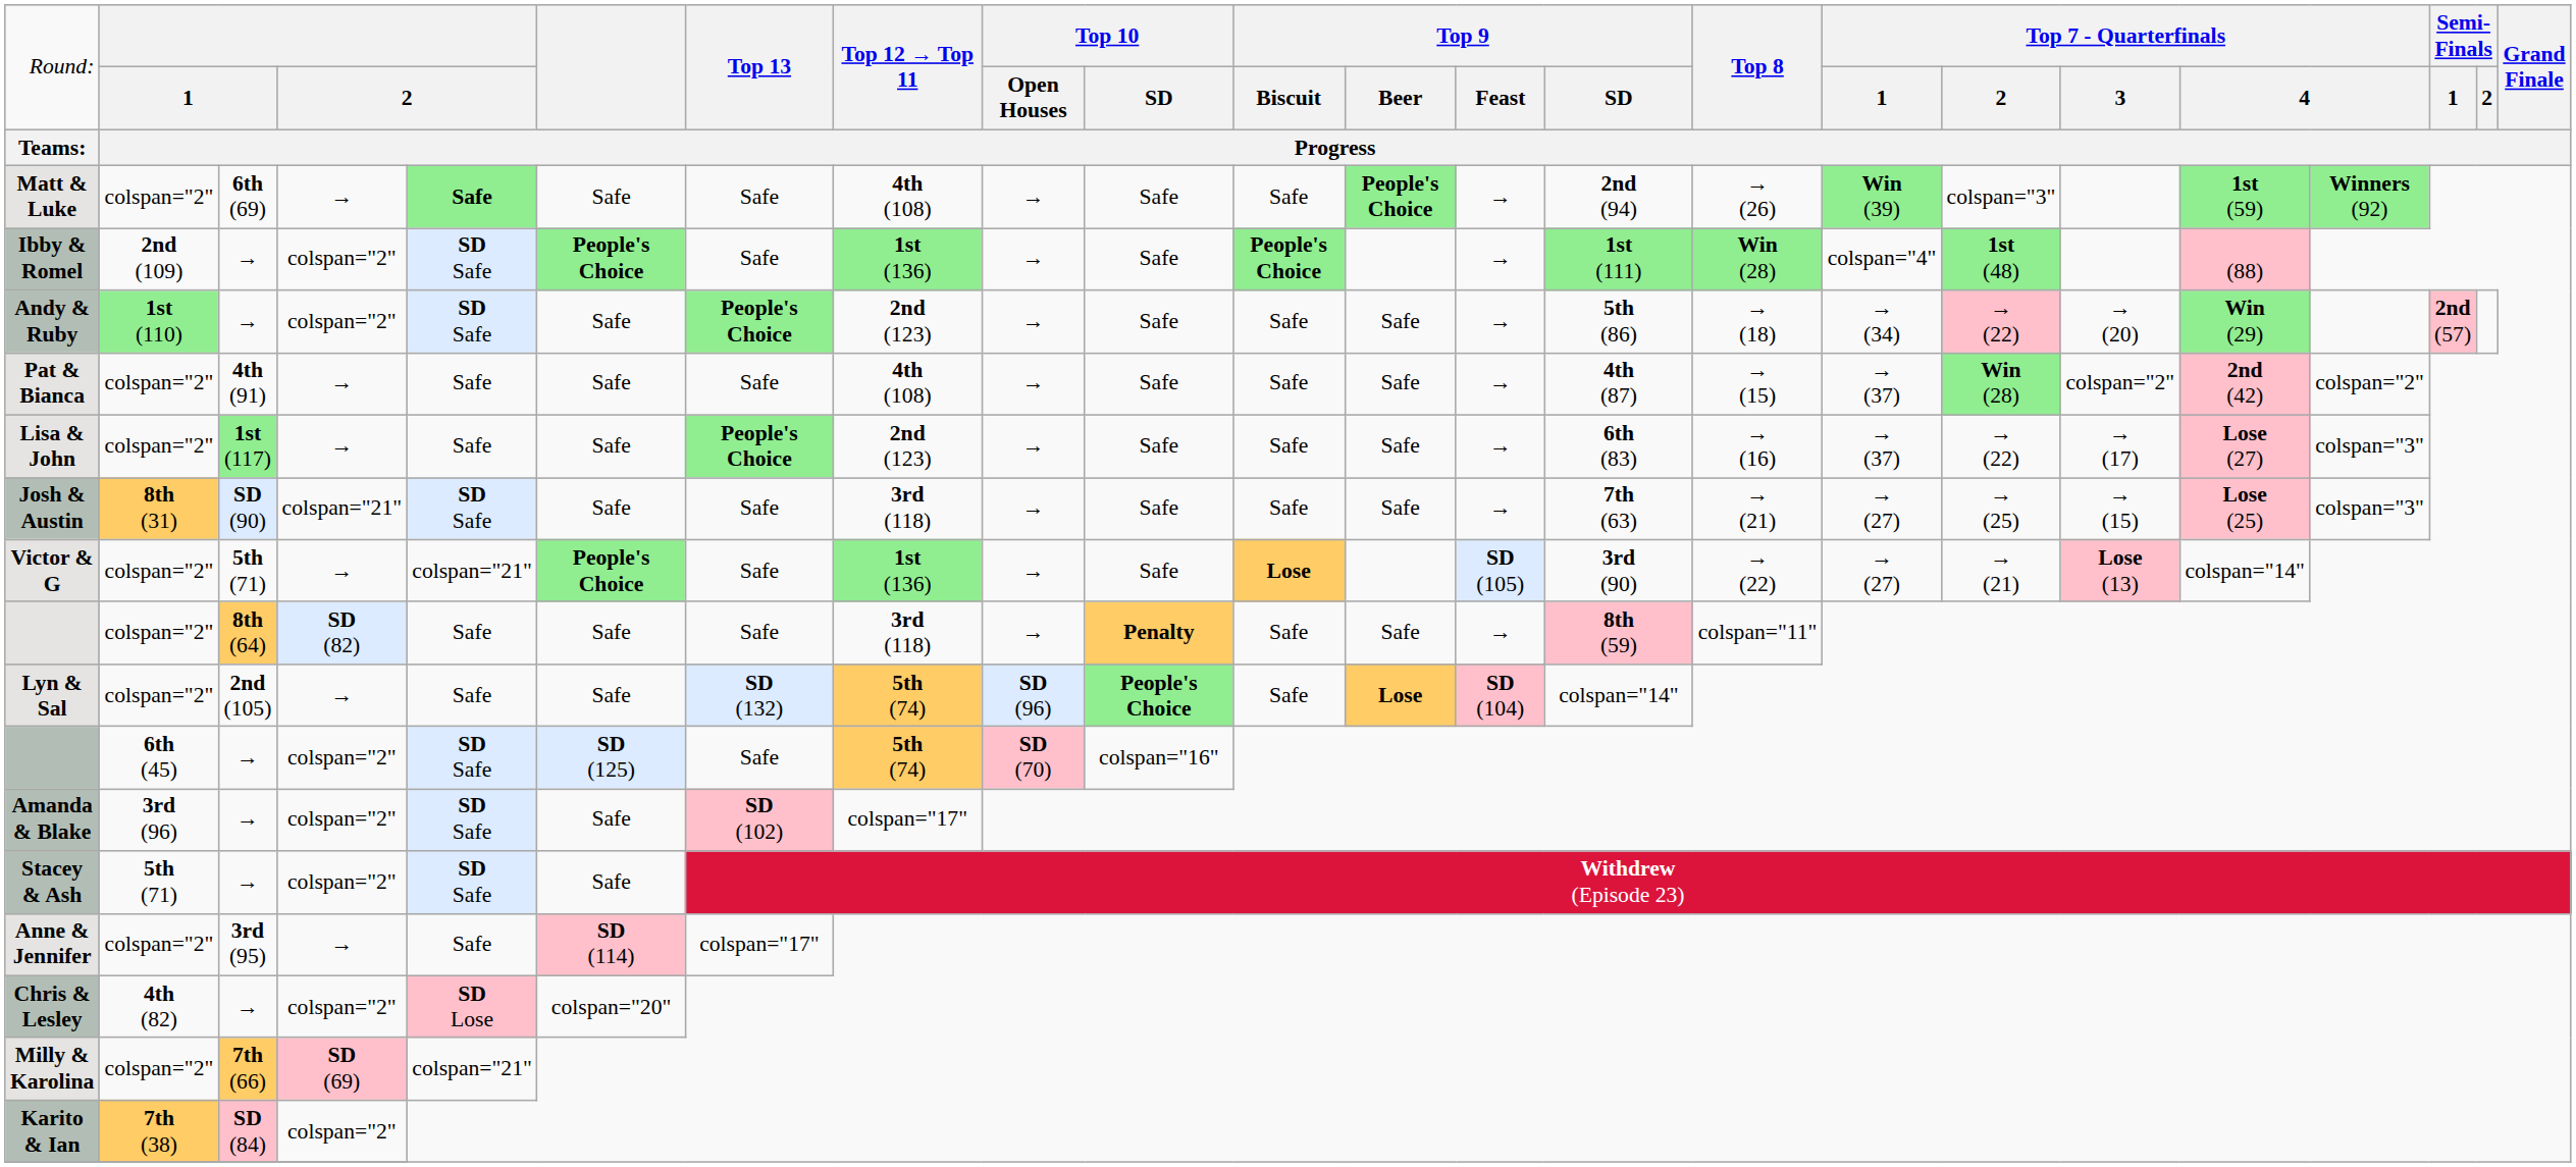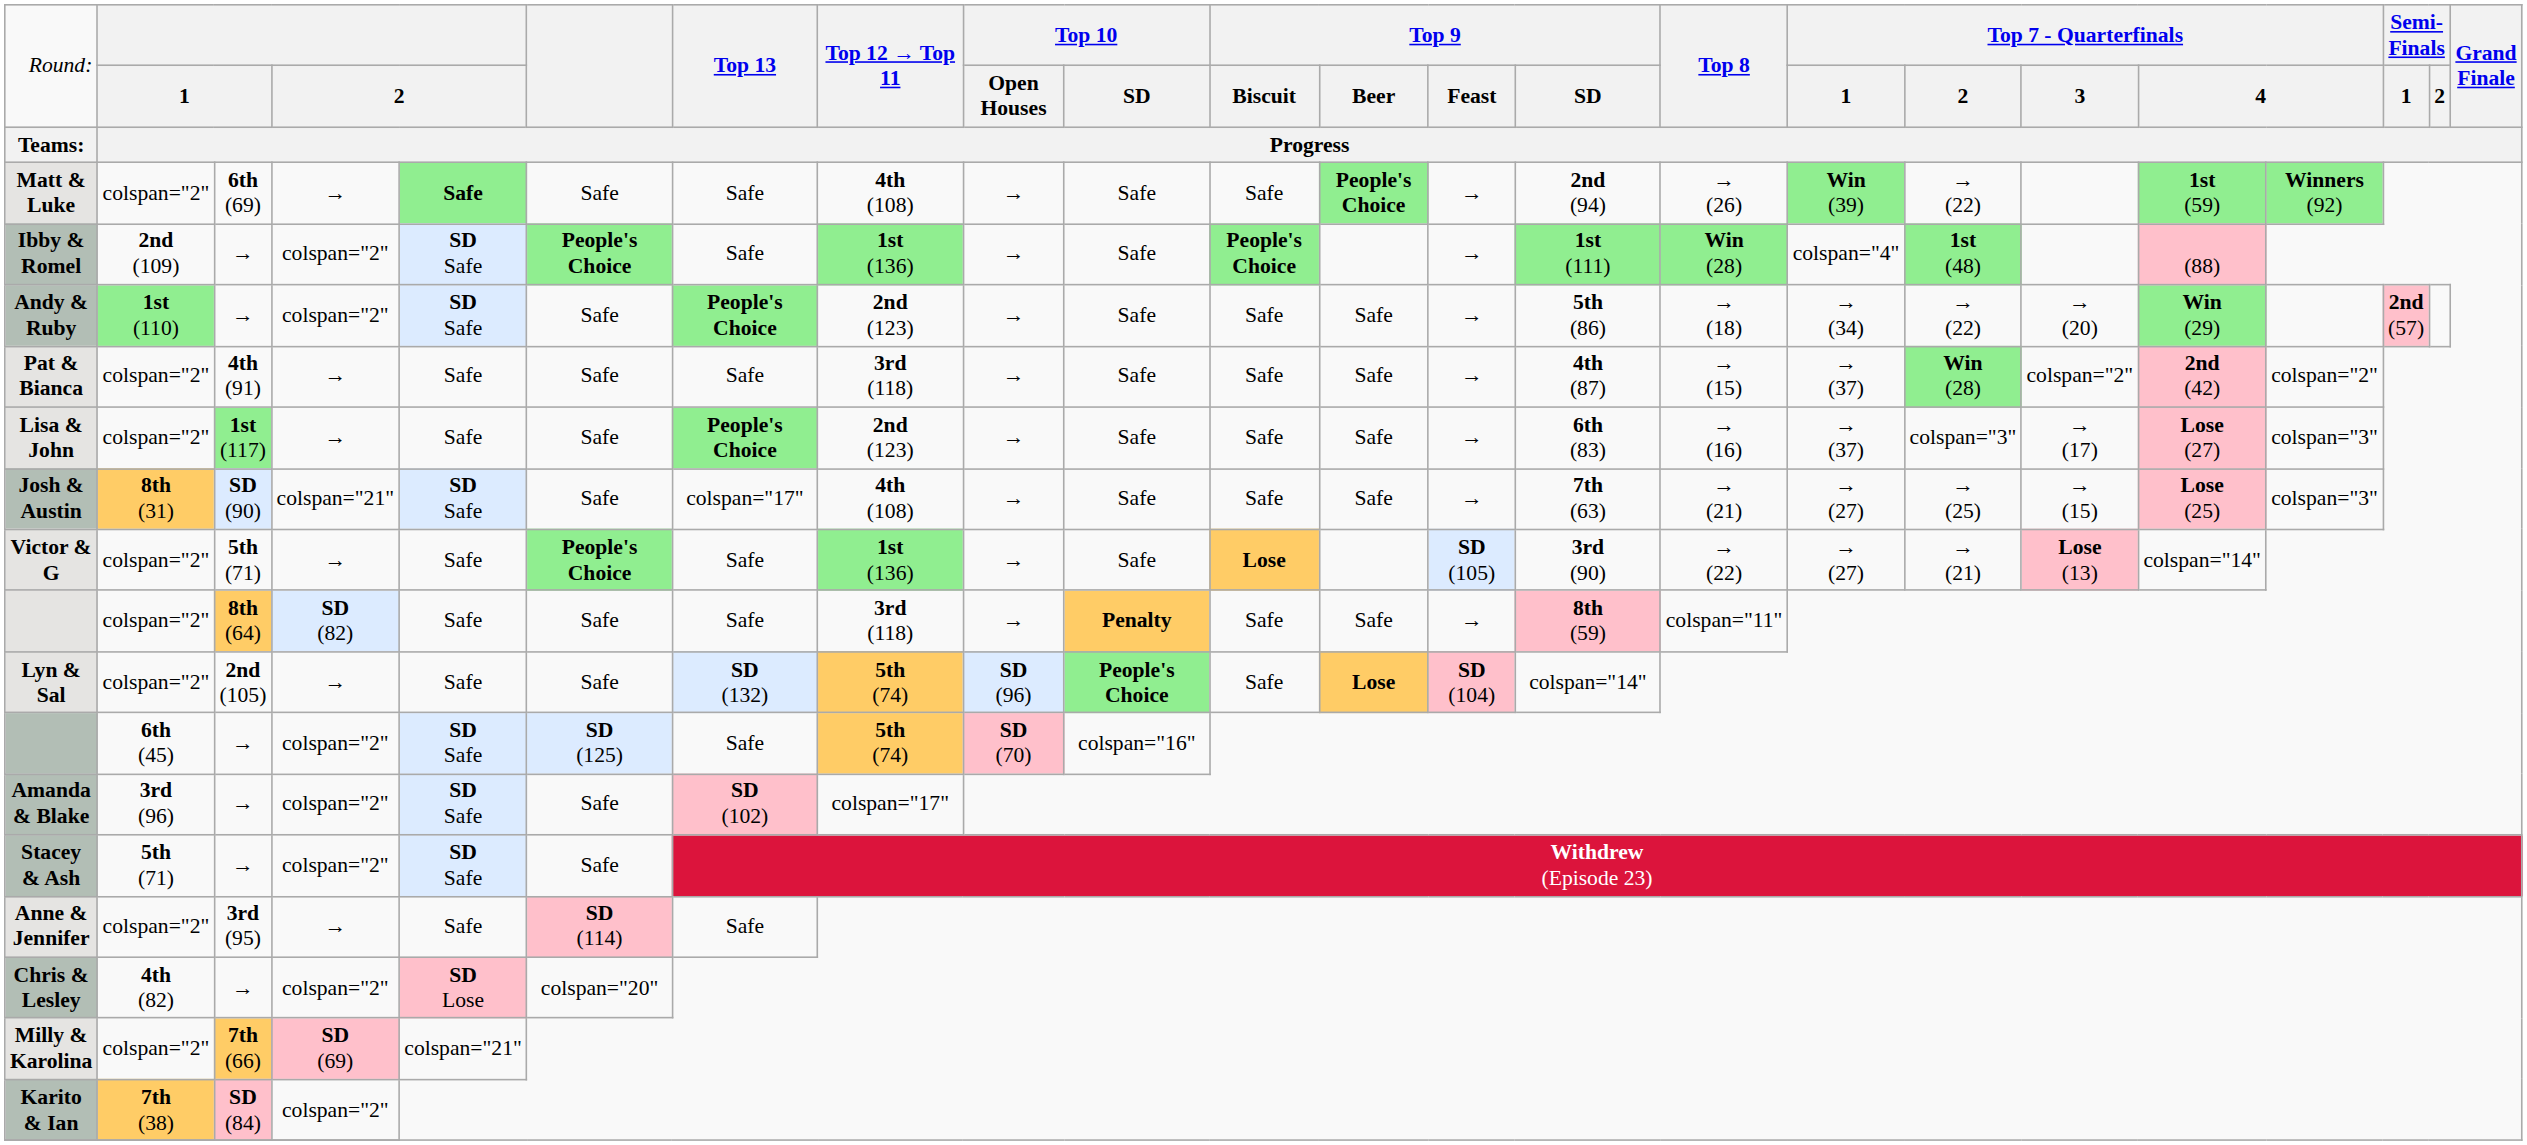 <table class="wikitable" style="width:100%; text-align:center; font-size: 85%; line-height:16px;">
 <tr>
 <td style="text-align:right;" rowspan="2"><em>Round:</em></td>
 <th colspan="4"><a href='#'></a></th>
 <th rowspan="2" style="width:10%"></th>
 <th rowspan="2" style="width:10%"><a href='#'>Top 13</a></th>
 <th rowspan="2" style="width:10%"><a href='#'>Top 12 → Top 11</a></th>
 <th colspan="2" style="width:20%"><a href='#'>Top 10</a></th>
 <th colspan="4"><a href='#'>Top 9</a></th>
 <th rowspan="2"><a href='#'>Top 8</a></th>
 <th colspan="5"><a href='#'>Top 7 - Quarterfinals</a></th>
 <th colspan="2"><a href='#'>Semi-Finals</a></th>
 <th rowspan="2"><a href='#'>Grand Finale</a></th>
 </tr>
 <tr>
 <th colspan="2">1</th>
 <th colspan="2">2</th>
 <th style="width:10%">Open Houses</th>
 <th style="width:10%">SD</th>
 <th style="width:10%">Biscuit</th>
 <th style="width:10%">Beer</th>
 <th style="width:10%">Feast</th>
 <th style="width:10%">SD</th>
 <th>1</th>
 <th>2</th>
 <th>3</th>
 <th colspan="2">4</th>
 <th>1</th>
 <th>2</th>
 </tr>
 <tr>
 <th>Teams:</th>
 <th colspan="23">Progress</th>
 </tr>
 <tr>
 <th style="background:#E5E4E2">Matt & Luke</th>
 <td>colspan="2" </td>
 <td><strong>6th</strong><br>(69)</td>
 <td>→</td>
 <td style="background:lightgreen"><strong>Safe</strong></td>
 <td>Safe</td>
 <td>Safe</td>
 <td><strong>4th</strong><br> (108)</td>
 <td>→</td>
 <td>Safe</td>
 <td>Safe</td>
 <td style="background:lightgreen"><strong>People's<br>Choice</strong></td>
 <td>→</td>
 <td><strong>2nd</strong><br>(94)</td>
 <td>→ <br> (26)</td>
 <td style="background:lightgreen"><strong>Win</strong><br>(39)</td>
-<td>colspan="3" </td>
+<td colspan="1">→ <br> (22)</td>
 <td></td>
 <td style="background:lightgreen"><strong>1st</strong><br>(59)</td>
 <td style="background:lightgreen"><strong>Winners</strong><br>(92)</td>
 </tr>
 <tr>
 <th style="background:#B2BEB5">Ibby & Romel</th>
 <td><strong>2nd</strong><br>(109)</td>
 <td>→</td>
 <td>colspan="2" </td>
 <td style="background:#DCEBFF"><strong>SD</strong><br>Safe</td>
 <td style="background:lightgreen"><strong>People's<br>Choice</strong></td>
 <td>Safe</td>
 <td style="background:lightgreen"><strong>1st</strong><br>(136)</td>
 <td>→</td>
 <td>Safe</td>
 <td style="background:lightgreen"><strong>People's<br>Choice</strong></td>
 <td></td>
 <td>→</td>
 <td style="background:lightgreen"><strong>1st</strong><br>(111)</td>
 <td bgcolor="lightgreen"><strong>Win</strong><br> (28)</td>
 <td>colspan="4" </td>
 <td style="background:lightgreen"><strong>1st</strong><br>(48)</td>
 <td></td>
 <td style="background:pink"><br>(88)</td>
 </tr>
 <tr>
 <th style="background:#B2BEB5">Andy & Ruby</th>
 <td style="background:lightgreen"><strong>1st</strong><br>(110)</td>
 <td>→</td>
 <td>colspan="2" </td>
 <td style="background:#DCEBFF"><strong>SD</strong><br>Safe</td>
 <td>Safe</td>
 <td style="background:lightgreen"><strong>People's<br>Choice</strong></td>
 <td><strong>2nd</strong> <br> (123)</td>
 <td>→</td>
 <td>Safe</td>
 <td>Safe</td>
 <td>Safe</td>
 <td>→</td>
 <td><strong>5th</strong><br>(86)</td>
 <td>→ <br> (18)</td>
 <td colspan="1">→ <br> (34)</td>
-<td colspan="1" style="background: pink;">→ <br> (22)</td>
+<td colspan="1">→ <br> (22)</td>
 <td colspan="1">→ <br> (20)</td>
 <td bgcolor="lightgreen"><strong>Win</strong> <br> (29)</td>
 <td></td>
 <td style="background:pink;"><strong>2nd</strong><br>(57)</td>
 <td></td>
 </tr>
 <tr>
 <th style="background:#E5E4E2">Pat & Bianca</th>
 <td>colspan="2" </td>
 <td><strong>4th</strong><br>(91)</td>
 <td>→</td>
 <td>Safe</td>
 <td>Safe</td>
 <td>Safe</td>
-<td><strong>4th</strong><br>(108)</td>
+<td><strong>3rd</strong><br>(118)</td>
 <td>→</td>
 <td>Safe</td>
 <td>Safe</td>
 <td>Safe</td>
 <td>→</td>
 <td><strong>4th</strong><br>(87)</td>
 <td>→<br> (15)</td>
 <td>→<br> (37)</td>
 <td bgcolor="lightgreen"><strong>Win</strong><br>(28)</td>
 <td>colspan="2" </td>
 <td style="background:pink;"><strong>2nd</strong><br>(42)</td>
 <td>colspan="2" </td>
 </tr>
 <tr>
 <th style="background:#E5E4E2">Lisa & John</th>
 <td>colspan="2" </td>
 <td style="background:lightgreen"><strong>1st</strong><br>(117)</td>
 <td>→</td>
 <td>Safe</td>
 <td>Safe</td>
 <td style="background:lightgreen"><strong>People's<br>Choice</strong></td>
 <td><strong>2nd</strong><br>(123)</td>
 <td>→</td>
 <td>Safe</td>
 <td>Safe</td>
 <td>Safe</td>
 <td>→</td>
 <td><strong>6th</strong><br>(83)</td>
 <td>→<br> (16)</td>
 <td colspan="1">→ <br> (37)</td>
-<td colspan="1">→ <br> (22)</td>
+<td>colspan="3" </td>
 <td colspan="1">→ <br> (17)</td>
 <td style="background:pink;"><strong>Lose</strong> <br> (27)</td>
 <td>colspan="3" </td>
 </tr>
 <tr>
 <th style="background:#B2BEB5">Josh & Austin</th>
 <td style="background:#FFCC66"><strong>8th</strong><br>(31)</td>
 <td style="background:#DCEBFF"><strong>SD</strong><br>(90)</td>
 <td>colspan="21" </td>
 <td style="background:#DCEBFF"><strong>SD</strong><br> Safe</td>
 <td>Safe</td>
-<td>Safe</td>
-<td><strong>3rd</strong><br>(118)</td>
+<td>colspan="17" </td>
+<td><strong>4th</strong><br>(108)</td>
 <td>→</td>
 <td>Safe</td>
 <td>Safe</td>
 <td>Safe</td>
 <td>→</td>
 <td><strong>7th</strong><br>(63)</td>
 <td>→ <br> (21)</td>
 <td colspan="1">→ <br> (27)</td>
 <td colspan="1">→ <br> (25)</td>
 <td colspan="1">→ <br> (15)</td>
 <td style="background:pink;"><strong>Lose</strong> <br> (25)</td>
 <td>colspan="3" </td>
 </tr>
 <tr>
 <th style="background:#E5E4E2">Victor & G</th>
 <td>colspan="2" </td>
 <td><strong>5th</strong><br>(71)</td>
 <td>→</td>
-<td>colspan="21" </td>
+<td>Safe</td>
 <td style="background:lightgreen"><strong>People's<br>Choice</strong></td>
 <td>Safe</td>
 <td style="background:lightgreen"><strong>1st</strong><br>(136)</td>
 <td>→</td>
 <td>Safe</td>
 <td style="background:#FFCC66"><strong>Lose</strong></td>
 <td></td>
 <td style="background:#DCEBFF"><strong>SD</strong><br>(105)</td>
 <td><strong>3rd</strong><br>(90)</td>
 <td>→ <br> (22)</td>
 <td>→ <br> (27)</td>
 <td>→ <br> (21)</td>
 <td style="background:pink;"><strong>Lose</strong> <br> (13)</td>
 <td>colspan="14" </td>
 </tr>
 <tr>
 <th style="background:#E5E4E2"></th>
 <td>colspan="2" </td>
 <td style="background:#FFCC66"><strong>8th</strong><br>(64)</td>
 <td style="background:#DCEBFF"><strong>SD</strong><br>(82)</td>
 <td>Safe</td>
 <td>Safe</td>
 <td>Safe</td>
 <td><strong>3rd</strong><br>(118)</td>
 <td>→</td>
 <td style="background:#FFCC66"><strong>Penalty</strong></td>
 <td>Safe</td>
 <td>Safe</td>
 <td>→</td>
 <td style="background:pink"><strong>8th</strong><br>(59)</td>
 <td>colspan="11" </td>
 </tr>
 <tr>
 <th style="background:#E5E4E2">Lyn & Sal</th>
 <td>colspan="2" </td>
 <td><strong>2nd</strong><br>(105)</td>
 <td>→</td>
 <td>Safe</td>
 <td>Safe</td>
 <td style="background:#DCEBFF;"><strong>SD</strong><br>(132)</td>
 <td style="background:#FFCC66"><strong>5th</strong><br> (74)</td>
 <td style="background:#DCEBFF;"><strong>SD</strong><br> (96)</td>
 <td style="background:lightgreen"><strong>People's<br>Choice</strong></td>
 <td>Safe</td>
 <td style="background:#FFCC66"><strong>Lose</strong></td>
 <td style="background:pink;"><strong>SD</strong><br>(104)</td>
 <td>colspan="14" </td>
 </tr>
 <tr>
 <th style="background:#B2BEB5"></th>
 <td><strong>6th</strong><br>(45)</td>
 <td>→</td>
 <td>colspan="2" </td>
 <td style="background:#DCEBFF"><strong>SD</strong><br> Safe</td>
 <td style="background:#DCEBFF"><strong>SD</strong><br> (125)</td>
 <td>Safe</td>
 <td style="background:#FFCC66"><strong>5th</strong><br> (74)</td>
 <td style="background:pink;"><strong>SD</strong><br>(70)</td>
 <td>colspan="16" </td>
 </tr>
 <tr>
 <th style="background:#B2BEB5">Amanda & Blake</th>
 <td><strong>3rd</strong><br>(96)</td>
 <td>→</td>
 <td>colspan="2" </td>
 <td style="background:#DCEBFF"><strong>SD</strong><br> Safe</td>
 <td>Safe</td>
 <td style="background:pink;"><strong>SD</strong><br>(102)</td>
 <td>colspan="17" </td>
 </tr>
 <tr>
 <th style="background:#B2BEB5">Stacey & Ash</th>
 <td><strong>5th</strong><br>(71)</td>
 <td>→</td>
 <td>colspan="2" </td>
 <td style="background:#DCEBFF"><strong>SD</strong><br>Safe</td>
 <td>Safe</td>
 <td colspan="17" style="text-align:center; background:crimson; color:white;"><strong>Withdrew</strong><br> (Episode 23)</td>
 </tr>
 <tr>
 <th style="background:#E5E4E2">Anne & Jennifer</th>
 <td>colspan="2" </td>
 <td><strong>3rd</strong><br>(95)</td>
 <td>→</td>
 <td>Safe</td>
 <td style="background:pink;"><strong>SD</strong><br>(114)</td>
-<td>colspan="17" </td>
+<td>Safe</td>
 </tr>
 <tr>
 <th style="background:#B2BEB5">Chris & Lesley</th>
 <td><strong>4th</strong><br>(82)</td>
 <td>→</td>
 <td>colspan="2" </td>
 <td style="background:pink;"><strong>SD</strong><br>Lose</td>
 <td>colspan="20" </td>
 </tr>
 <tr>
 <th style="background:#E5E4E2">Milly & Karolina</th>
 <td>colspan="2" </td>
 <td style="background:#FFCC66"><strong>7th</strong><br>(66)</td>
 <td style="background:pink;"><strong>SD</strong><br>(69)</td>
 <td>colspan="21" </td>
 </tr>
 <tr>
 <th style="background:#B2BEB5">Karito & Ian</th>
 <td style="background:#FFCC66"><strong>7th</strong><br>(38)</td>
 <td style="background:pink;"><strong>SD</strong><br>(84)</td>
 <td>colspan="2" </td>
 </tr>
 <tr>
 </tr>
 </table>
